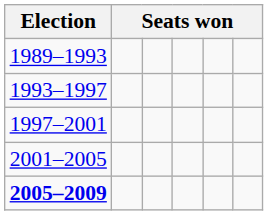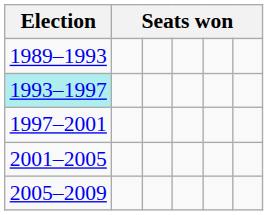 <table class="wikitable">
 <tr>
 <th><strong>Election</strong></th>
 <th colspan=5><strong>Seats won</strong></th>
 </tr>
 <tr>
 <td><a href='#'>1989–1993</a></td>
 <td width=15 > </td>
 <td width=15 > </td>
 <td width=15 > </td>
 <td width=15 > </td>
 <td width=15 > </td>
 </tr>
 <tr>
-<td><a href='#'>1993–1997</a></td>
+<td style="background: paleturquoise;"><a href='#'>1993–1997</a></td>
 <td width=15 > </td>
 <td width=15 > </td>
 <td width=15 > </td>
 <td width=15 > </td>
 <td width=15 > </td>
 </tr>
 <tr>
 <td><a href='#'>1997–2001</a></td>
 <td width=15 > </td>
 <td width=15 > </td>
 <td width=15 > </td>
 <td width=15 > </td>
 <td width=15 > </td>
 </tr>
 <tr>
 <td><a href='#'>2001–2005</a></td>
 <td width=15 > </td>
 <td width=15 > </td>
 <td width=15 > </td>
 <td width=15 > </td>
 <td width=15 > </td>
 </tr>
 <tr>
-<td><strong><a href='#'>2005–2009</a></strong></td>
+<td><a href='#'>2005–2009</a></td>
 <td width=15 > </td>
 <td width=15 > </td>
 <td width=15 > </td>
 <td width=15 > </td>
 <td width=15 > </td>
 </tr>
 </table>
